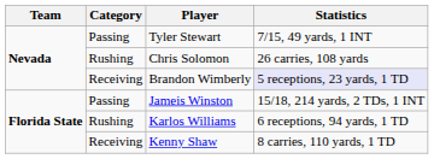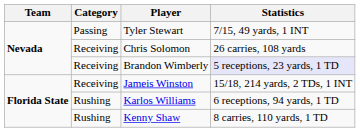 <table class="wikitable" style="float: left;">
 <tr>
 <th>Team</th>
 <th>Category</th>
 <th>Player</th>
 <th>Statistics</th>
 </tr>
 <tr>
 <td rowspan=3><strong>Nevada</strong></td>
 <td>Passing</td>
 <td>Tyler Stewart</td>
 <td>7/15, 49 yards, 1 INT</td>
 </tr>
 <tr>
-<td>Rushing</td>
+<td>Receiving</td>
 <td>Chris Solomon</td>
 <td>26 carries, 108 yards</td>
 </tr>
 <tr>
 <td>Receiving</td>
 <td>Brandon Wimberly</td>
 <td style="background: lavender;">5 receptions, 23 yards, 1 TD</td>
 </tr>
 <tr>
 <td rowspan=3><strong>Florida State</strong></td>
-<td>Passing</td>
+<td>Receiving</td>
 <td><a href='#'>Jameis Winston</a></td>
 <td>15/18, 214 yards, 2 TDs, 1 INT</td>
 </tr>
 <tr>
 <td>Rushing</td>
 <td><a href='#'>Karlos Williams</a></td>
 <td>6 receptions, 94 yards, 1 TD</td>
 </tr>
 <tr>
-<td>Receiving</td>
+<td>Rushing</td>
 <td><a href='#'>Kenny Shaw</a></td>
 <td>8 carries, 110 yards, 1 TD</td>
 </tr>
 </table>
